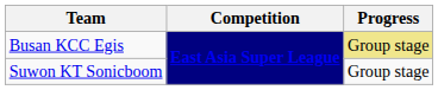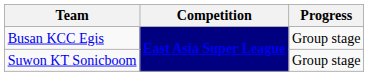 <table class="wikitable sortable">
 <tr>
 <th>Team</th>
 <th>Competition</th>
 <th>Progress</th>
 </tr>
 <tr>
 <td><a href='#'>Busan KCC Egis</a></td>
 <td rowspan="2" style="background-color:#000080;color:white;text-align:center"><strong><a href='#'><span>East Asia Super League</span></a></strong></td>
-<td style="background: khaki;">Group stage</td>
+<td>Group stage</td>
 </tr>
 <tr>
 <td><a href='#'>Suwon KT Sonicboom</a></td>
 <td>Group stage</td>
 </tr>
 </table>
